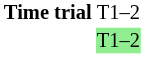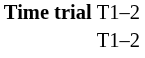 <table>
 <tr>
 <th>Time trial</th>
 <td>T1–2<br></td>
 <td></td>
 <td></td>
 <td></td>
 </tr>
 <tr>
 <th></th>
-<td style="background: lightgreen;">T1–2<br></td>
+<td>T1–2<br></td>
 <td></td>
 <td></td>
 <td></td>
 </tr>
 </table>
